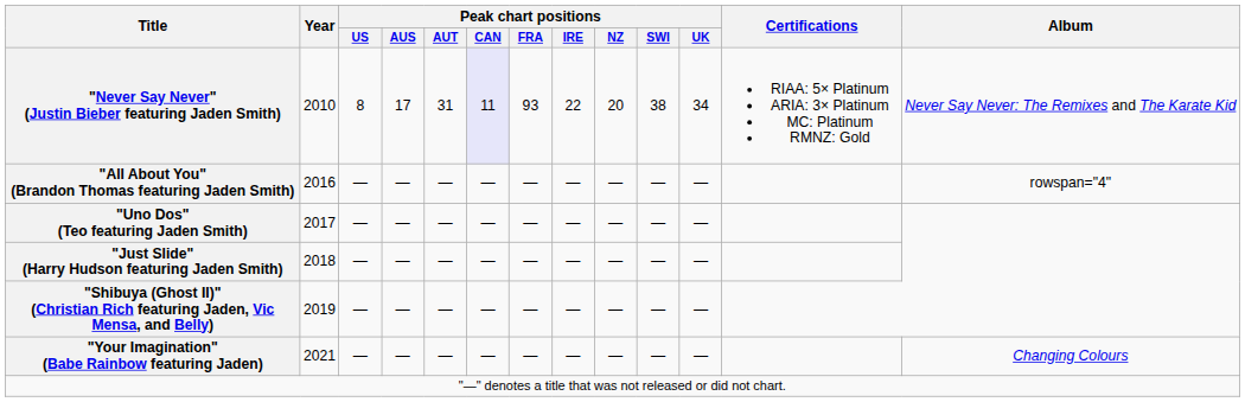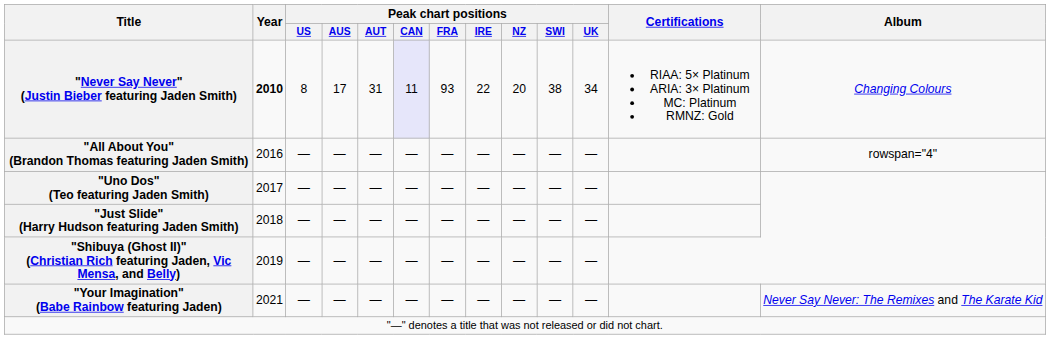 <table class="wikitable plainrowheaders" style="text-align:center;">
 <tr>
 <th scope="col" rowspan="2" style="width:20em;">Title</th>
 <th scope="col" rowspan="2">Year</th>
 <th scope="col" colspan="9">Peak chart positions</th>
 <th scope="col" rowspan="2" style="width:12em;"><a href='#'>Certifications</a></th>
 <th scope="col" rowspan="2">Album</th>
 </tr>
 <tr>
 <th scope="col" style="width:3em;font-size:85%;"><a href='#'>US</a><br></th>
 <th scope="col" style="width:3em;font-size:85%;"><a href='#'>AUS</a><br></th>
 <th scope="col" style="width:3em;font-size:85%;"><a href='#'>AUT</a><br></th>
 <th scope="col" style="width:3em;font-size:85%;"><a href='#'>CAN</a><br></th>
 <th scope="col" style="width:3em;font-size:85%;"><a href='#'>FRA</a><br></th>
 <th scope="col" style="width:3em;font-size:85%;"><a href='#'>IRE</a><br></th>
 <th scope="col" style="width:3em;font-size:85%;"><a href='#'>NZ</a><br></th>
 <th scope="col" style="width:3em;font-size:85%;"><a href='#'>SWI</a><br></th>
 <th scope="col" style="width:3em;font-size:85%;"><a href='#'>UK</a><br></th>
 </tr>
 <tr>
 <th scope="row">"<a href='#'>Never Say Never</a>"<br><span>(<a href='#'>Justin Bieber</a> featuring Jaden Smith)</span></th>
-<td>2010</td>
+<td><strong>2010</strong></td>
 <td>8</td>
 <td>17</td>
 <td>31</td>
 <td style="background: lavender;">11</td>
 <td>93</td>
 <td>22</td>
 <td>20</td>
 <td>38</td>
 <td>34</td>
 <td><br><ul><li>RIAA: 5× Platinum</li><li>ARIA: 3× Platinum</li><li>MC: Platinum</li><li>RMNZ: Gold</li></ul></td>
-<td><em><a href='#'>Never Say Never: The Remixes</a></em> and <em><a href='#'>The Karate Kid</a></em></td>
+<td><em><a href='#'>Changing Colours</a></em></td>
 </tr>
 <tr>
 <th scope="row">"All About You"<br><span>(Brandon Thomas featuring Jaden Smith)</span></th>
 <td>2016</td>
 <td>—</td>
 <td>—</td>
 <td>—</td>
 <td>—</td>
 <td>—</td>
 <td>—</td>
 <td>—</td>
 <td>—</td>
 <td>—</td>
 <td></td>
 <td>rowspan="4" </td>
 </tr>
 <tr>
 <th scope="row">"Uno Dos"<br><span>(Teo featuring Jaden Smith)</span></th>
 <td>2017</td>
 <td>—</td>
 <td>—</td>
 <td>—</td>
 <td>—</td>
 <td>—</td>
 <td>—</td>
 <td>—</td>
 <td>—</td>
 <td>—</td>
 <td></td>
 </tr>
 <tr>
 <th scope="row">"Just Slide"<br><span>(Harry Hudson featuring Jaden Smith)</span></th>
 <td>2018</td>
 <td>—</td>
 <td>—</td>
 <td>—</td>
 <td>—</td>
 <td>—</td>
 <td>—</td>
 <td>—</td>
 <td>—</td>
 <td>—</td>
 <td></td>
 </tr>
 <tr>
 <th scope="row">"Shibuya (Ghost II)"<br><span>(<a href='#'>Christian Rich</a> featuring Jaden, <a href='#'>Vic Mensa</a>, and <a href='#'>Belly</a>)</span></th>
 <td>2019</td>
 <td>—</td>
 <td>—</td>
 <td>—</td>
 <td>—</td>
 <td>—</td>
 <td>—</td>
 <td>—</td>
 <td>—</td>
 <td>—</td>
 </tr>
 <tr>
 <th scope="row">"Your Imagination"<br><span>(<a href='#'>Babe Rainbow</a> featuring Jaden)</span></th>
 <td>2021</td>
 <td>—</td>
 <td>—</td>
 <td>—</td>
 <td>—</td>
 <td>—</td>
 <td>—</td>
 <td>—</td>
 <td>—</td>
 <td>—</td>
 <td></td>
-<td><em><a href='#'>Changing Colours</a></em></td>
+<td><em><a href='#'>Never Say Never: The Remixes</a></em> and <em><a href='#'>The Karate Kid</a></em></td>
 </tr>
 <tr>
 <td colspan="14" style="font-size:90%">"—" denotes a title that was not released or did not chart.</td>
 </tr>
 </table>
